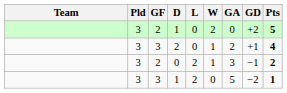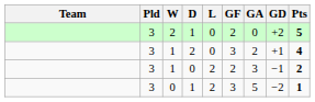 <table class="wikitable" style="text-align:center;">
 <tr>
 <th width=180>Team</th>
 <th width=20>Pld</th>
-<th width=20>GF</th>
+<th width=20>W</th>
 <th width=20>D</th>
 <th width=20>L</th>
-<th width=20>W</th>
+<th width=20>GF</th>
 <th width=20>GA</th>
 <th width=20>GD</th>
 <th width=20>Pts</th>
 </tr>
 <tr bgcolor="ccffcc">
 <td align="left"></td>
 <td>3</td>
 <td>2</td>
 <td>1</td>
 <td>0</td>
 <td>2</td>
 <td>0</td>
 <td>+2</td>
 <td><strong>5</strong></td>
 </tr>
 <tr>
 <td align="left"></td>
 <td>3</td>
-<td>3</td>
+<td>1</td>
 <td>2</td>
 <td>0</td>
-<td>1</td>
+<td>3</td>
 <td>2</td>
 <td>+1</td>
 <td><strong>4</strong></td>
 </tr>
 <tr>
 <td align="left"></td>
 <td>3</td>
-<td>2</td>
+<td>1</td>
 <td>0</td>
 <td>2</td>
-<td>1</td>
+<td>2</td>
 <td>3</td>
 <td>−1</td>
 <td><strong>2</strong></td>
 </tr>
 <tr>
 <td align="left"></td>
 <td>3</td>
-<td>3</td>
+<td>0</td>
 <td>1</td>
 <td>2</td>
-<td>0</td>
+<td>3</td>
 <td>5</td>
 <td>−2</td>
 <td><strong>1</strong></td>
 </tr>
 </table>
